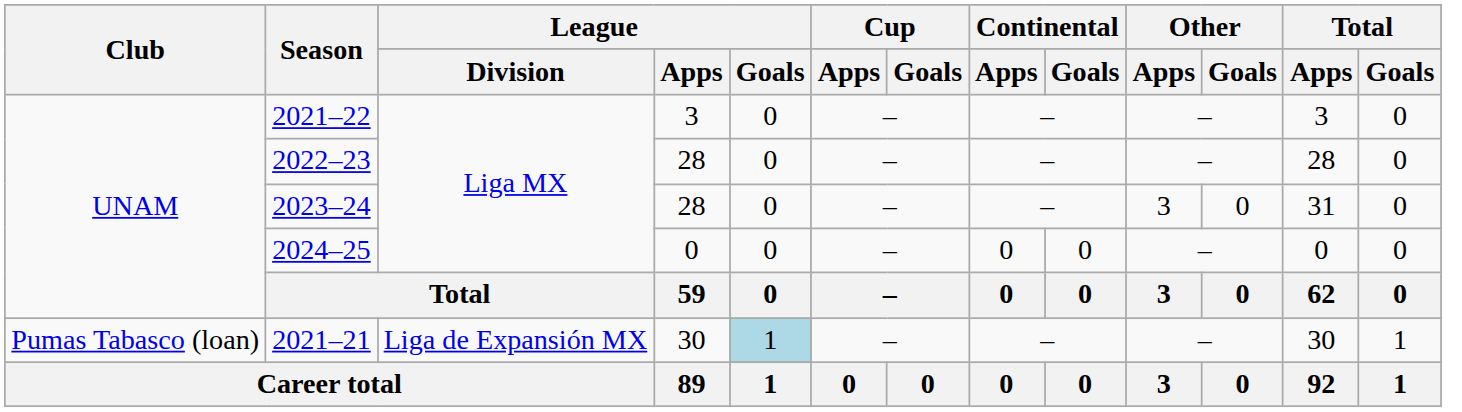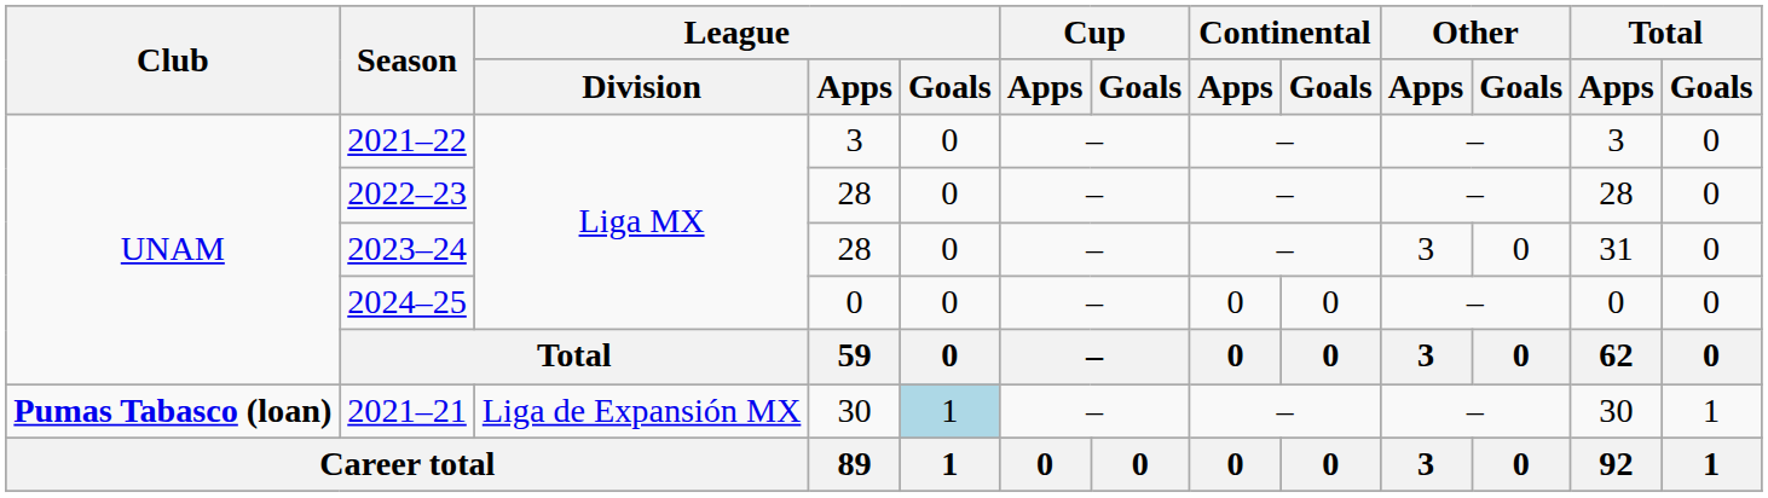 <table class="wikitable" style="text-align: center">
 <tr>
 <th rowspan="2">Club</th>
 <th rowspan="2">Season</th>
 <th colspan="3">League</th>
 <th colspan="2">Cup</th>
 <th colspan="2">Continental</th>
 <th colspan="2">Other</th>
 <th colspan="2">Total</th>
 </tr>
 <tr>
 <th>Division</th>
 <th>Apps</th>
 <th>Goals</th>
 <th>Apps</th>
 <th>Goals</th>
 <th>Apps</th>
 <th>Goals</th>
 <th>Apps</th>
 <th>Goals</th>
 <th>Apps</th>
 <th>Goals</th>
 </tr>
 <tr>
 <td rowspan="5"><a href='#'>UNAM</a></td>
 <td><a href='#'>2021–22</a></td>
 <td rowspan="4"><a href='#'>Liga MX</a></td>
 <td>3</td>
 <td>0</td>
 <td colspan="2">–</td>
 <td colspan="2">–</td>
 <td colspan="2">–</td>
 <td>3</td>
 <td>0</td>
 </tr>
 <tr>
 <td><a href='#'>2022–23</a></td>
 <td>28</td>
 <td>0</td>
 <td colspan="2">–</td>
 <td colspan="2">–</td>
 <td colspan="2">–</td>
 <td>28</td>
 <td>0</td>
 </tr>
 <tr>
 <td><a href='#'>2023–24</a></td>
 <td>28</td>
 <td>0</td>
 <td colspan="2">–</td>
 <td colspan="2">–</td>
 <td>3</td>
 <td>0</td>
 <td>31</td>
 <td>0</td>
 </tr>
 <tr>
 <td><a href='#'>2024–25</a></td>
 <td>0</td>
 <td>0</td>
 <td colspan="2">–</td>
 <td>0</td>
 <td>0</td>
 <td colspan="2">–</td>
 <td>0</td>
 <td>0</td>
 </tr>
 <tr>
 <th colspan="2">Total</th>
 <th>59</th>
 <th>0</th>
 <th colspan="2">–</th>
 <th>0</th>
 <th>0</th>
 <th>3</th>
 <th>0</th>
 <th>62</th>
 <th>0</th>
 </tr>
 <tr>
-<td><a href='#'>Pumas Tabasco</a> (loan)</td>
+<td><strong><a href='#'>Pumas Tabasco</a> (loan)</strong></td>
 <td><a href='#'>2021–21</a></td>
 <td><a href='#'>Liga de Expansión MX</a></td>
 <td>30</td>
 <td style="background: lightblue;">1</td>
 <td colspan="2">–</td>
 <td colspan="2">–</td>
 <td colspan="2">–</td>
 <td>30</td>
 <td>1</td>
 </tr>
 <tr>
 <th colspan="3">Career total</th>
 <th>89</th>
 <th>1</th>
 <th>0</th>
 <th>0</th>
 <th>0</th>
 <th>0</th>
 <th>3</th>
 <th>0</th>
 <th>92</th>
 <th>1</th>
 </tr>
 </table>
